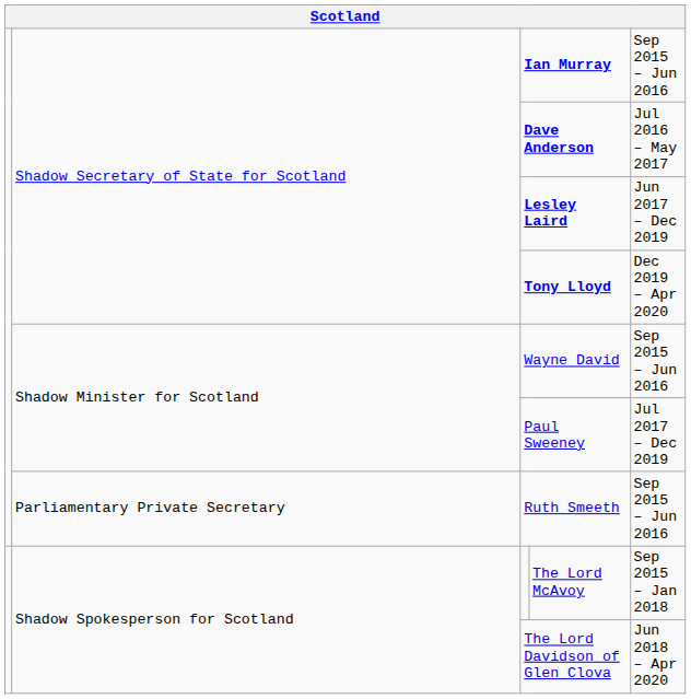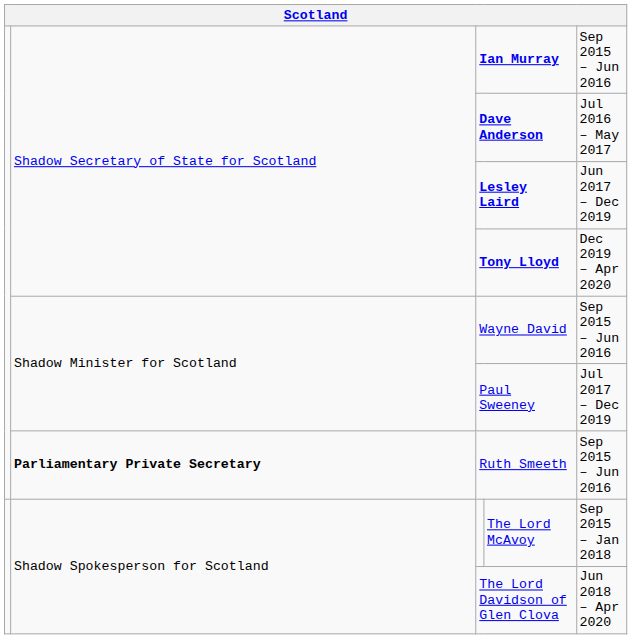 <table class="wikitable">
 <tr>
 <th colspan="5"><a href='#'>Scotland</a></th>
 </tr>
 <tr>
 <td rowspan="7" style="background: "></td>
 <td rowspan="4" style="width: 450px;"><a href='#'>Shadow Secretary of State for Scotland</a></td>
 <td colspan="2" style="width: 350px;"><strong><a href='#'>Ian Murray</a></strong></td>
 <td>Sep 2015 – Jun 2016</td>
 </tr>
 <tr>
 <td colspan="2"><a href='#'><strong>Dave Anderson</strong></a></td>
 <td>Jul 2016 – May 2017</td>
 </tr>
 <tr>
 <td colspan="2"><strong><a href='#'>Lesley Laird</a></strong></td>
 <td>Jun 2017 – Dec 2019</td>
 </tr>
 <tr>
 <td colspan="2"><strong><a href='#'>Tony Lloyd</a></strong></td>
 <td>Dec 2019 – Apr 2020</td>
 </tr>
 <tr>
 <td rowspan="2">Shadow Minister for Scotland</td>
 <td colspan="2"><a href='#'>Wayne David</a></td>
 <td>Sep 2015 – Jun 2016</td>
 </tr>
 <tr>
 <td colspan="2"><a href='#'>Paul Sweeney</a></td>
 <td>Jul 2017 – Dec 2019</td>
 </tr>
 <tr>
-<td>Parliamentary Private Secretary</td>
+<td><strong>Parliamentary Private Secretary</strong></td>
 <td colspan="2"><a href='#'>Ruth Smeeth</a></td>
 <td>Sep 2015 – Jun 2016</td>
 </tr>
 <tr>
 <td rowspan="2" style="background: "></td>
 <td rowspan="2">Shadow Spokesperson for Scotland</td>
 <td style="background: "></td>
 <td><a href='#'>The Lord McAvoy</a></td>
 <td>Sep 2015 – Jan 2018</td>
 </tr>
 <tr>
 <td colspan="2"><a href='#'>The Lord Davidson of Glen Clova</a></td>
 <td>Jun 2018 – Apr 2020</td>
 </tr>
 </table>
